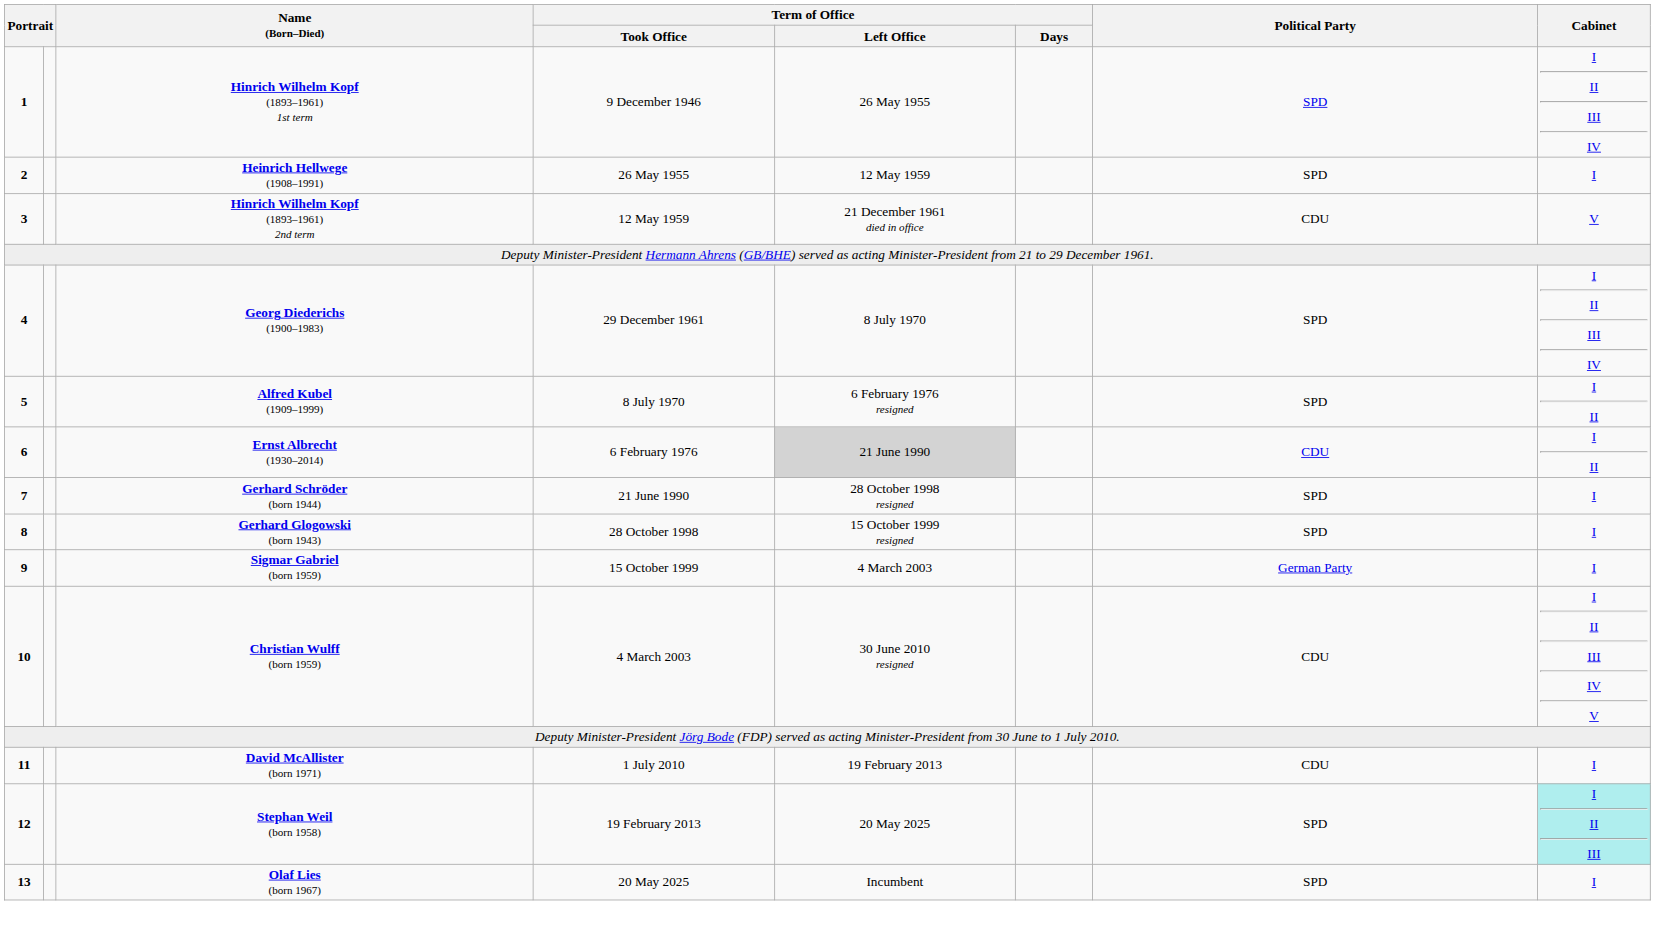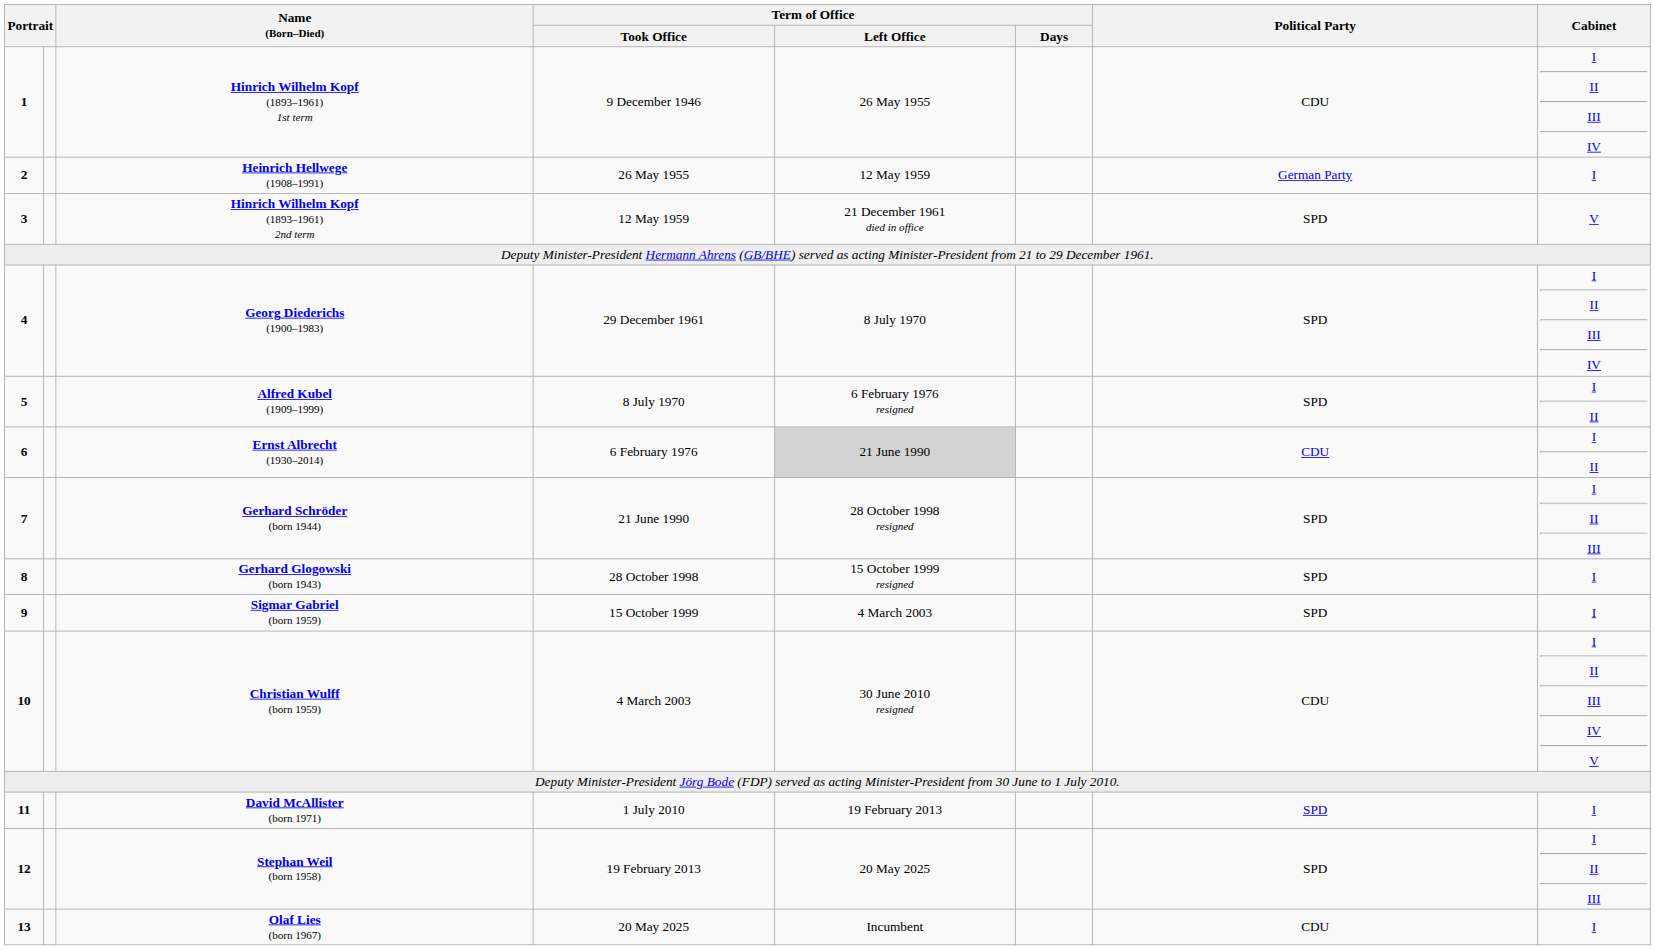 <table class="wikitable" style="text-align:center; width:100%; border:1px #AAAAFF solid">
 <tr>
 <th width=80px rowspan=2 colspan=2>Portrait</th>
 <th width=30% rowspan=2>Name<br><small>(Born–Died)</small></th>
 <th width=35% colspan=3>Term of Office</th>
 <th width=28% rowspan=2>Political Party</th>
 <th width=28% rowspan=2>Cabinet</th>
 </tr>
 <tr>
 <th>Took Office</th>
 <th>Left Office</th>
 <th>Days</th>
 </tr>
 <tr>
 <td style="background:"><strong>1</strong></td>
 <td></td>
 <td><strong><a href='#'>Hinrich Wilhelm Kopf</a></strong><br><small>(1893–1961)<br><em>1st term</em></small></td>
 <td>9 December 1946</td>
 <td>26 May 1955</td>
 <td></td>
-<td><a href='#'>SPD</a></td>
+<td>CDU</td>
 <td><a href='#'>I</a><hr><a href='#'>II</a><hr><a href='#'>III</a><hr><a href='#'>IV</a></td>
 </tr>
 <tr>
 <td style="background:"><strong>2</strong></td>
 <td></td>
 <td><strong><a href='#'>Heinrich Hellwege</a></strong><br><small>(1908–1991)</small></td>
 <td>26 May 1955</td>
 <td>12 May 1959</td>
 <td></td>
-<td>SPD</td>
+<td><a href='#'>German Party</a></td>
 <td><a href='#'>I</a></td>
 </tr>
 <tr>
 <td style="background:"><strong>3</strong></td>
 <td></td>
 <td><strong><a href='#'>Hinrich Wilhelm Kopf</a></strong><br><small>(1893–1961)<br><em>2nd term</em></small></td>
 <td>12 May 1959</td>
 <td>21 December 1961<br><small><em>died in office</em></small></td>
 <td></td>
-<td>CDU</td>
+<td>SPD</td>
 <td><a href='#'>V</a></td>
 </tr>
 <tr>
 <td bgcolor=#EEEEEE colspan=10><em>Deputy Minister-President <a href='#'>Hermann Ahrens</a> (<a href='#'>GB/BHE</a>) served as acting Minister-President from 21 to 29 December 1961.</em></td>
 </tr>
 <tr>
 <td style="background:"><strong>4</strong></td>
 <td></td>
 <td><strong><a href='#'>Georg Diederichs</a></strong><br><small>(1900–1983)</small></td>
 <td>29 December 1961</td>
 <td>8 July 1970</td>
 <td></td>
 <td>SPD</td>
 <td><a href='#'>I</a><hr><a href='#'>II</a><hr><a href='#'>III</a><hr><a href='#'>IV</a></td>
 </tr>
 <tr>
 <td style="background:"><strong>5</strong></td>
 <td></td>
 <td><strong><a href='#'>Alfred Kubel</a></strong><br><small>(1909–1999)</small></td>
 <td>8 July 1970</td>
 <td>6 February 1976<br><small><em>resigned</em></small></td>
 <td></td>
 <td>SPD</td>
 <td><a href='#'>I</a><hr><a href='#'>II</a></td>
 </tr>
 <tr>
 <td style="background:"><strong>6</strong></td>
 <td></td>
 <td><strong><a href='#'>Ernst Albrecht</a></strong><br><small>(1930–2014)</small></td>
 <td>6 February 1976</td>
 <td style="background: lightgrey;">21 June 1990</td>
 <td></td>
 <td><a href='#'>CDU</a></td>
 <td><a href='#'>I</a><hr><a href='#'>II</a></td>
 </tr>
 <tr>
 <td style="background:"><strong>7</strong></td>
 <td></td>
 <td><strong><a href='#'>Gerhard Schröder</a></strong><br><small>(born 1944)</small></td>
 <td>21 June 1990</td>
 <td>28 October 1998<br><small><em>resigned</em></small></td>
 <td></td>
 <td>SPD</td>
-<td><a href='#'>I</a></td>
+<td><a href='#'>I</a><hr><a href='#'>II</a><hr><a href='#'>III</a></td>
 </tr>
 <tr>
 <td style="background:"><strong>8</strong></td>
 <td></td>
 <td><strong><a href='#'>Gerhard Glogowski</a></strong><br><small>(born 1943)</small></td>
 <td>28 October 1998</td>
 <td>15 October 1999<br><small><em>resigned</em></small></td>
 <td></td>
 <td>SPD</td>
 <td><a href='#'>I</a></td>
 </tr>
 <tr>
 <td style="background:"><strong>9</strong></td>
 <td></td>
 <td><strong><a href='#'>Sigmar Gabriel</a></strong><br><small>(born 1959)</small></td>
 <td>15 October 1999</td>
 <td>4 March 2003</td>
 <td></td>
-<td><a href='#'>German Party</a></td>
+<td>SPD</td>
 <td><a href='#'>I</a></td>
 </tr>
 <tr>
 <td style="background:"><strong>10</strong></td>
 <td></td>
 <td><strong><a href='#'>Christian Wulff</a></strong><br><small>(born 1959)</small></td>
 <td>4 March 2003</td>
 <td>30 June 2010<br><small><em>resigned</em></small></td>
 <td></td>
 <td>CDU</td>
 <td><a href='#'>I</a><hr><a href='#'>II</a><hr><a href='#'>III</a><hr><a href='#'>IV</a><hr><a href='#'>V</a></td>
 </tr>
 <tr>
 <td bgcolor=#EEEEEE colspan=10><em>Deputy Minister-President <a href='#'>Jörg Bode</a> (FDP) served as acting Minister-President from 30 June to 1 July 2010.</em></td>
 </tr>
 <tr>
 <td style="background:"><strong>11</strong></td>
 <td></td>
 <td><strong><a href='#'>David McAllister</a></strong><br><small>(born 1971)</small></td>
 <td>1 July 2010</td>
 <td>19 February 2013</td>
 <td></td>
-<td>CDU</td>
+<td><a href='#'>SPD</a></td>
 <td><a href='#'>I</a></td>
 </tr>
 <tr>
 <td style="background:"><strong>12</strong></td>
 <td></td>
 <td><strong><a href='#'>Stephan Weil</a></strong><br><small>(born 1958)</small></td>
 <td>19 February 2013</td>
 <td>20 May 2025</td>
 <td></td>
 <td>SPD</td>
-<td style="background: paleturquoise;"><a href='#'>I</a><hr><a href='#'>II</a><hr><a href='#'>III</a></td>
+<td><a href='#'>I</a><hr><a href='#'>II</a><hr><a href='#'>III</a></td>
 </tr>
 <tr>
 <td style="background:"><strong>13</strong></td>
 <td></td>
 <td><strong><a href='#'>Olaf Lies</a></strong><br><small>(born 1967)</small></td>
 <td>20 May 2025</td>
 <td>Incumbent</td>
 <td></td>
-<td>SPD</td>
+<td>CDU</td>
 <td><a href='#'>I</a></td>
 </tr>
 </table>
